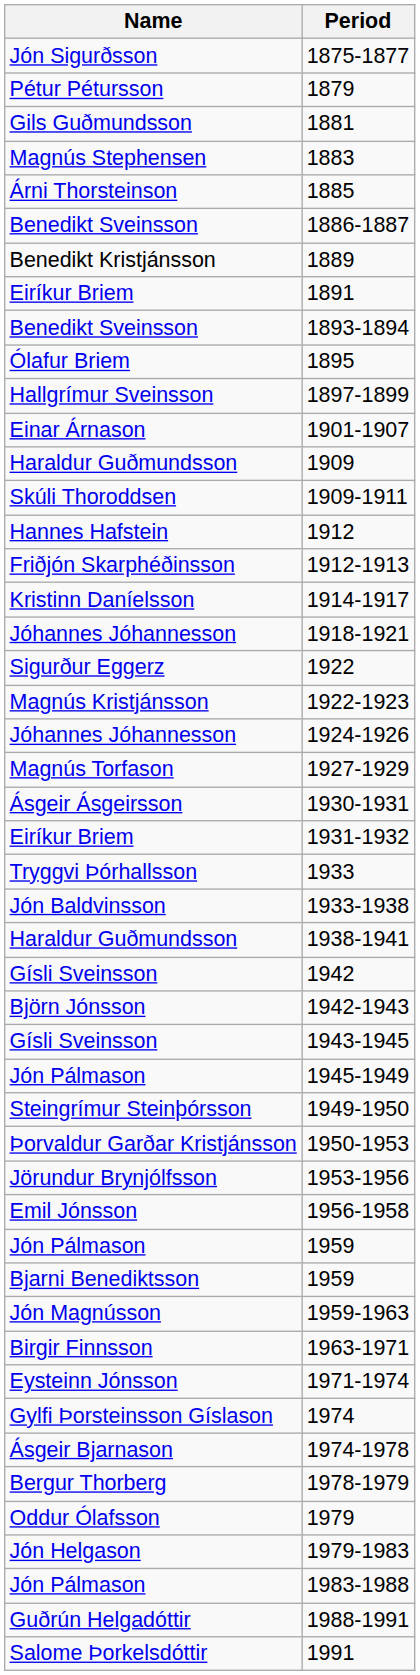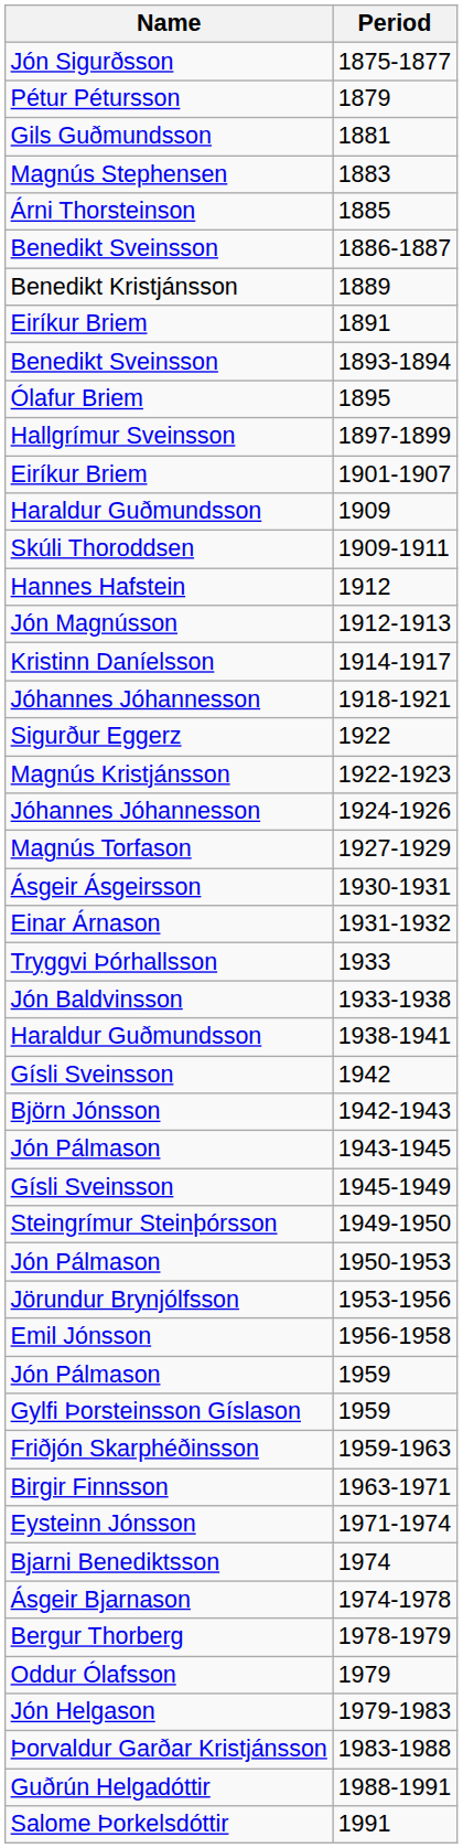 <table class="wikitable">
 <tr>
 <th>Name</th>
 <th>Period</th>
 </tr>
 <tr>
 <td><a href='#'>Jón Sigurðsson</a></td>
 <td>1875-1877</td>
 </tr>
 <tr>
 <td><a href='#'>Pétur Pétursson</a></td>
 <td>1879</td>
 </tr>
 <tr>
 <td><a href='#'>Gils Guðmundsson</a></td>
 <td>1881</td>
 </tr>
 <tr>
 <td><a href='#'>Magnús Stephensen</a></td>
 <td>1883</td>
 </tr>
 <tr>
 <td><a href='#'>Árni Thorsteinson</a></td>
 <td>1885</td>
 </tr>
 <tr>
 <td><a href='#'>Benedikt Sveinsson</a></td>
 <td>1886-1887</td>
 </tr>
 <tr>
 <td>Benedikt Kristjánsson</td>
 <td>1889</td>
 </tr>
 <tr>
 <td><a href='#'>Eiríkur Briem</a></td>
 <td>1891</td>
 </tr>
 <tr>
 <td><a href='#'>Benedikt Sveinsson</a></td>
 <td>1893-1894</td>
 </tr>
 <tr>
 <td><a href='#'>Ólafur Briem</a></td>
 <td>1895</td>
 </tr>
 <tr>
 <td><a href='#'>Hallgrímur Sveinsson</a></td>
 <td>1897-1899</td>
 </tr>
 <tr>
-<td><a href='#'>Einar Árnason</a></td>
+<td><a href='#'>Eiríkur Briem</a></td>
 <td>1901-1907</td>
 </tr>
 <tr>
 <td><a href='#'>Haraldur Guðmundsson</a></td>
 <td>1909</td>
 </tr>
 <tr>
 <td><a href='#'>Skúli Thoroddsen</a></td>
 <td>1909-1911</td>
 </tr>
 <tr>
 <td><a href='#'>Hannes Hafstein</a></td>
 <td>1912</td>
 </tr>
 <tr>
-<td><a href='#'>Friðjón Skarphéðinsson</a></td>
+<td><a href='#'>Jón Magnússon</a></td>
 <td>1912-1913</td>
 </tr>
 <tr>
 <td><a href='#'>Kristinn Daníelsson</a></td>
 <td>1914-1917</td>
 </tr>
 <tr>
 <td><a href='#'>Jóhannes Jóhannesson</a></td>
 <td>1918-1921</td>
 </tr>
 <tr>
 <td><a href='#'>Sigurður Eggerz</a></td>
 <td>1922</td>
 </tr>
 <tr>
 <td><a href='#'>Magnús Kristjánsson</a></td>
 <td>1922-1923</td>
 </tr>
 <tr>
 <td><a href='#'>Jóhannes Jóhannesson</a></td>
 <td>1924-1926</td>
 </tr>
 <tr>
 <td><a href='#'>Magnús Torfason</a></td>
 <td>1927-1929</td>
 </tr>
 <tr>
 <td><a href='#'>Ásgeir Ásgeirsson</a></td>
 <td>1930-1931</td>
 </tr>
 <tr>
-<td><a href='#'>Eiríkur Briem</a></td>
+<td><a href='#'>Einar Árnason</a></td>
 <td>1931-1932</td>
 </tr>
 <tr>
 <td><a href='#'>Tryggvi Þórhallsson</a></td>
 <td>1933</td>
 </tr>
 <tr>
 <td><a href='#'>Jón Baldvinsson</a></td>
 <td>1933-1938</td>
 </tr>
 <tr>
 <td><a href='#'>Haraldur Guðmundsson</a></td>
 <td>1938-1941</td>
 </tr>
 <tr>
 <td><a href='#'>Gísli Sveinsson</a></td>
 <td>1942</td>
 </tr>
 <tr>
 <td><a href='#'>Björn Jónsson</a></td>
 <td>1942-1943</td>
 </tr>
 <tr>
-<td><a href='#'>Gísli Sveinsson</a></td>
+<td><a href='#'>Jón Pálmason</a></td>
 <td>1943-1945</td>
 </tr>
 <tr>
-<td><a href='#'>Jón Pálmason</a></td>
+<td><a href='#'>Gísli Sveinsson</a></td>
 <td>1945-1949</td>
 </tr>
 <tr>
 <td><a href='#'>Steingrímur Steinþórsson</a></td>
 <td>1949-1950</td>
 </tr>
 <tr>
-<td><a href='#'>Þorvaldur Garðar Kristjánsson</a></td>
+<td><a href='#'>Jón Pálmason</a></td>
 <td>1950-1953</td>
 </tr>
 <tr>
 <td><a href='#'>Jörundur Brynjólfsson</a></td>
 <td>1953-1956</td>
 </tr>
 <tr>
 <td><a href='#'>Emil Jónsson</a></td>
 <td>1956-1958</td>
 </tr>
 <tr>
 <td><a href='#'>Jón Pálmason</a></td>
 <td>1959</td>
 </tr>
 <tr>
-<td><a href='#'>Bjarni Benediktsson</a></td>
+<td><a href='#'>Gylfi Þorsteinsson Gíslason</a></td>
 <td>1959</td>
 </tr>
 <tr>
-<td><a href='#'>Jón Magnússon</a></td>
+<td><a href='#'>Friðjón Skarphéðinsson</a></td>
 <td>1959-1963</td>
 </tr>
 <tr>
 <td><a href='#'>Birgir Finnsson</a></td>
 <td>1963-1971</td>
 </tr>
 <tr>
 <td><a href='#'>Eysteinn Jónsson</a></td>
 <td>1971-1974</td>
 </tr>
 <tr>
-<td><a href='#'>Gylfi Þorsteinsson Gíslason</a></td>
+<td><a href='#'>Bjarni Benediktsson</a></td>
 <td>1974</td>
 </tr>
 <tr>
 <td><a href='#'>Ásgeir Bjarnason</a></td>
 <td>1974-1978</td>
 </tr>
 <tr>
 <td><a href='#'>Bergur Thorberg</a></td>
 <td>1978-1979</td>
 </tr>
 <tr>
 <td><a href='#'>Oddur Ólafsson</a></td>
 <td>1979</td>
 </tr>
 <tr>
 <td><a href='#'>Jón Helgason</a></td>
 <td>1979-1983</td>
 </tr>
 <tr>
-<td><a href='#'>Jón Pálmason</a></td>
+<td><a href='#'>Þorvaldur Garðar Kristjánsson</a></td>
 <td>1983-1988</td>
 </tr>
 <tr>
 <td><a href='#'>Guðrún Helgadóttir</a></td>
 <td>1988-1991</td>
 </tr>
 <tr>
 <td><a href='#'>Salome Þorkelsdóttir</a></td>
 <td>1991</td>
 </tr>
 </table>
